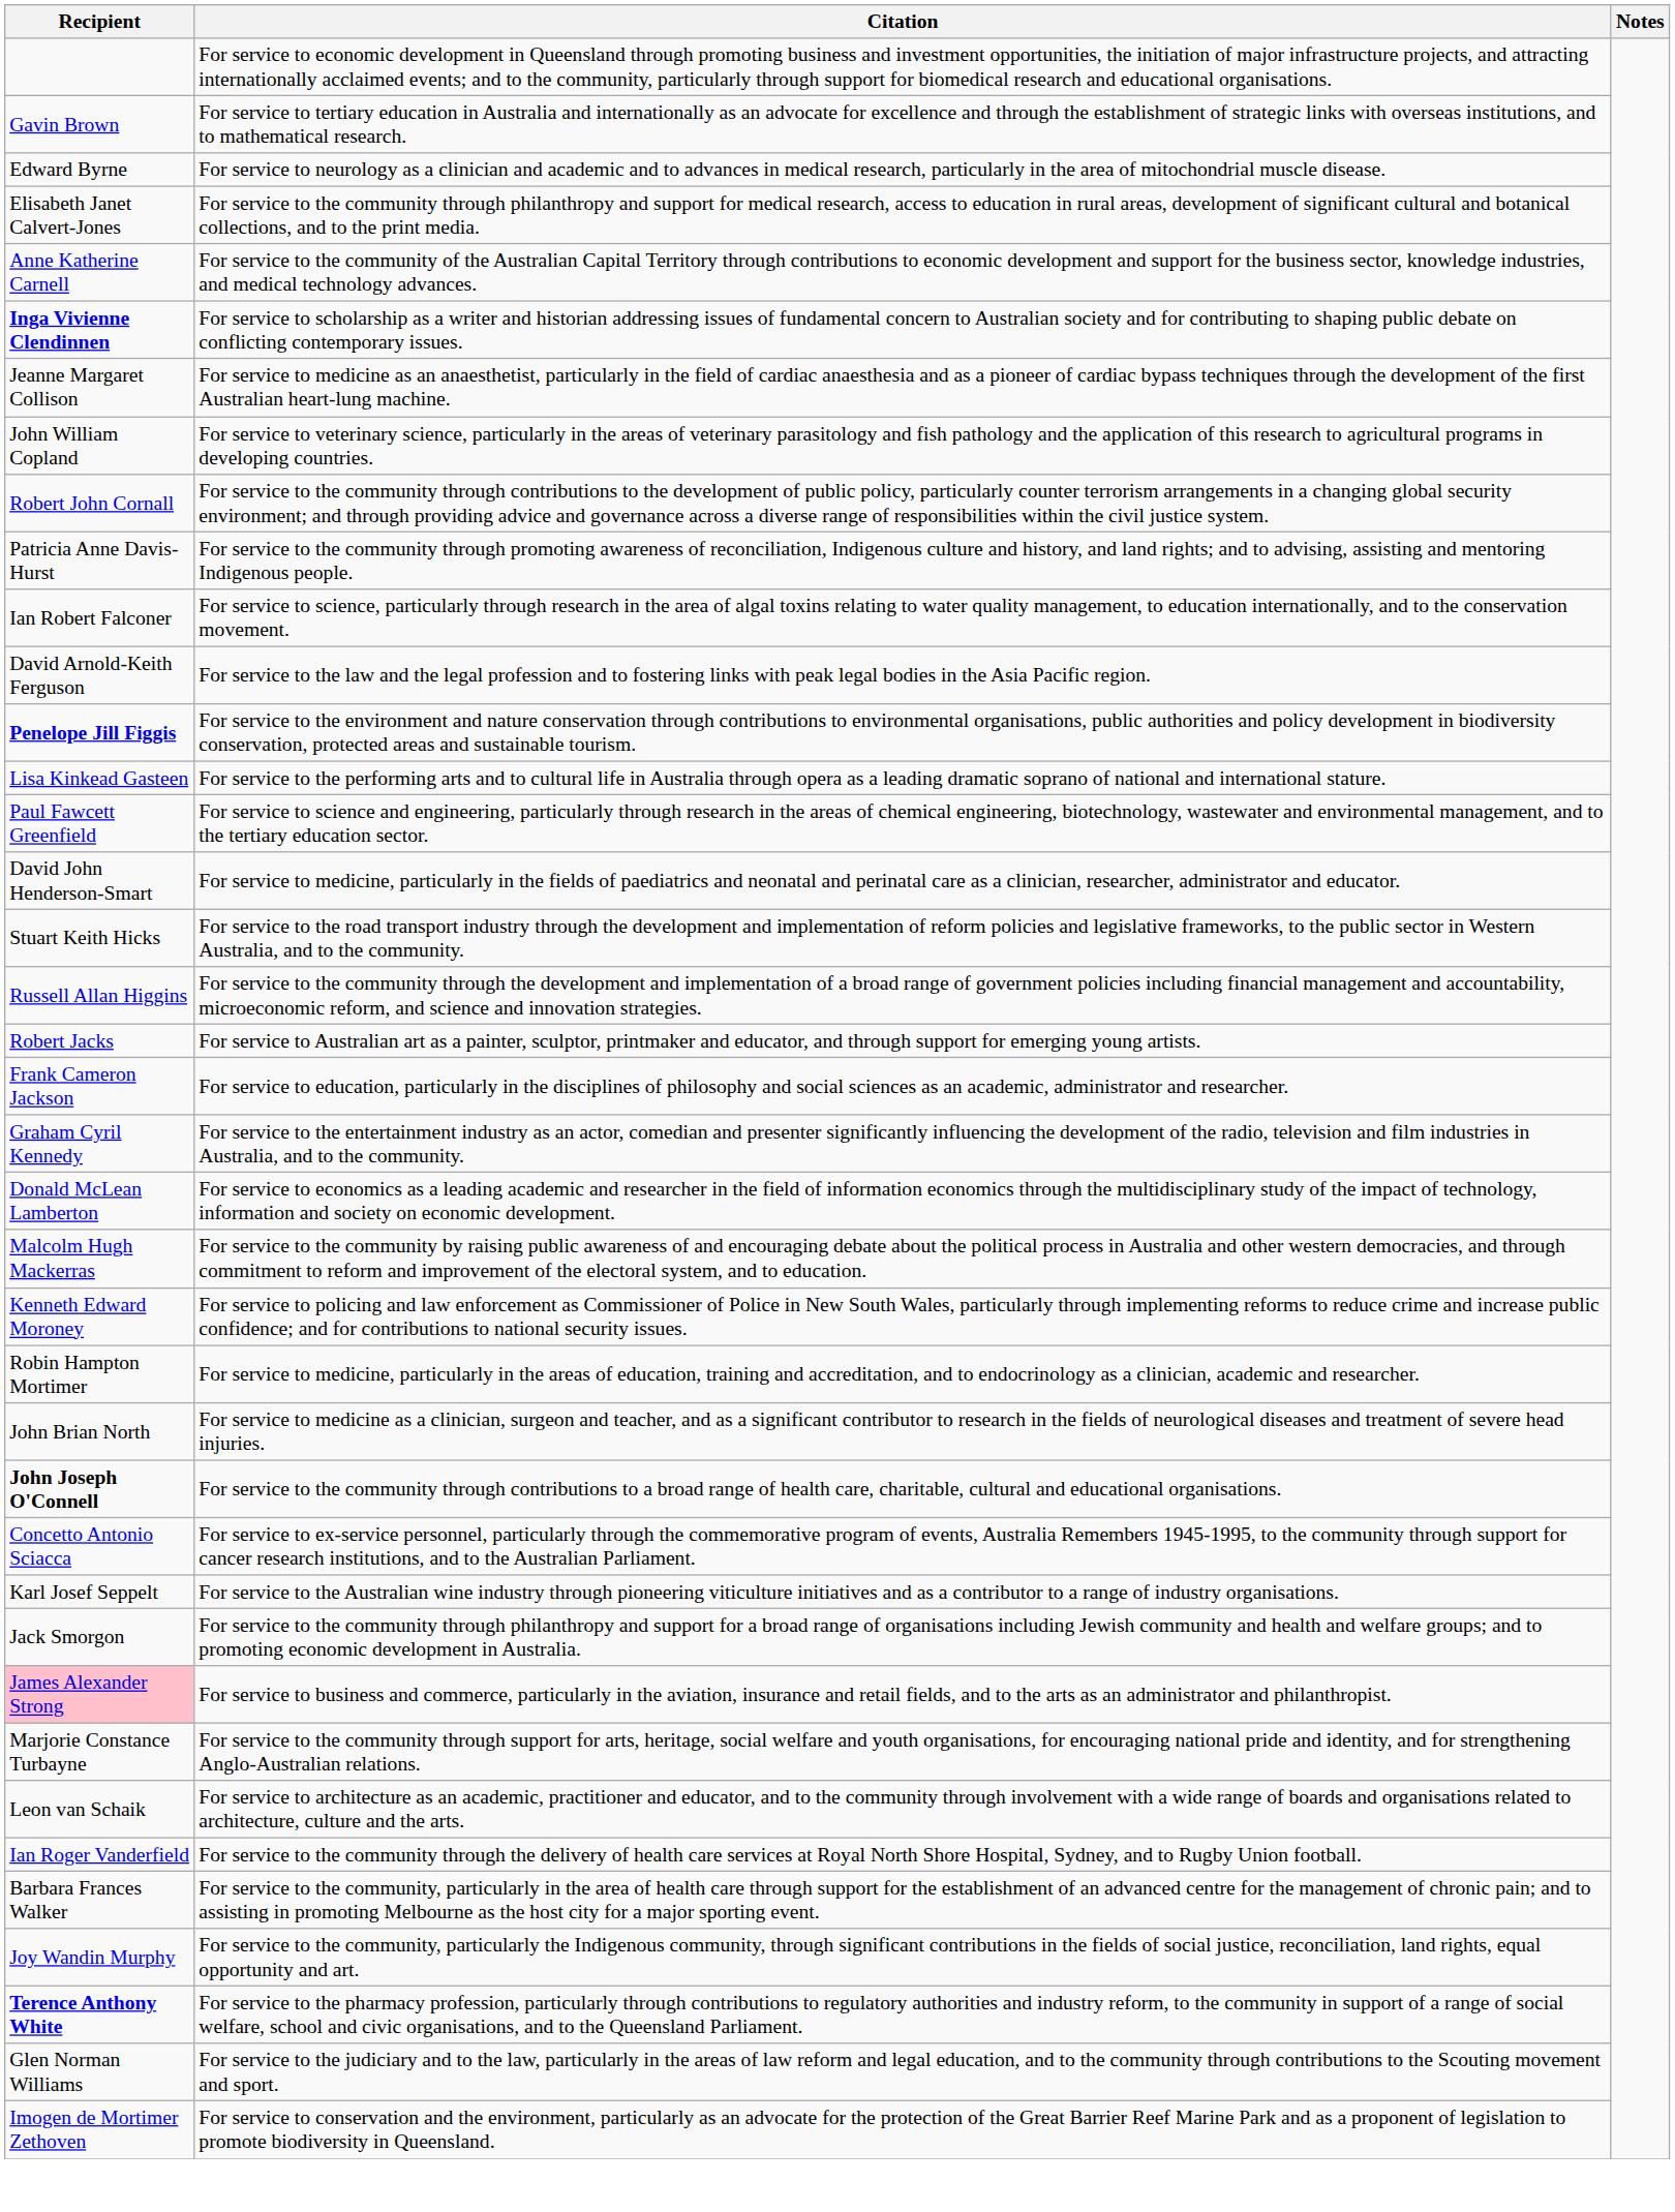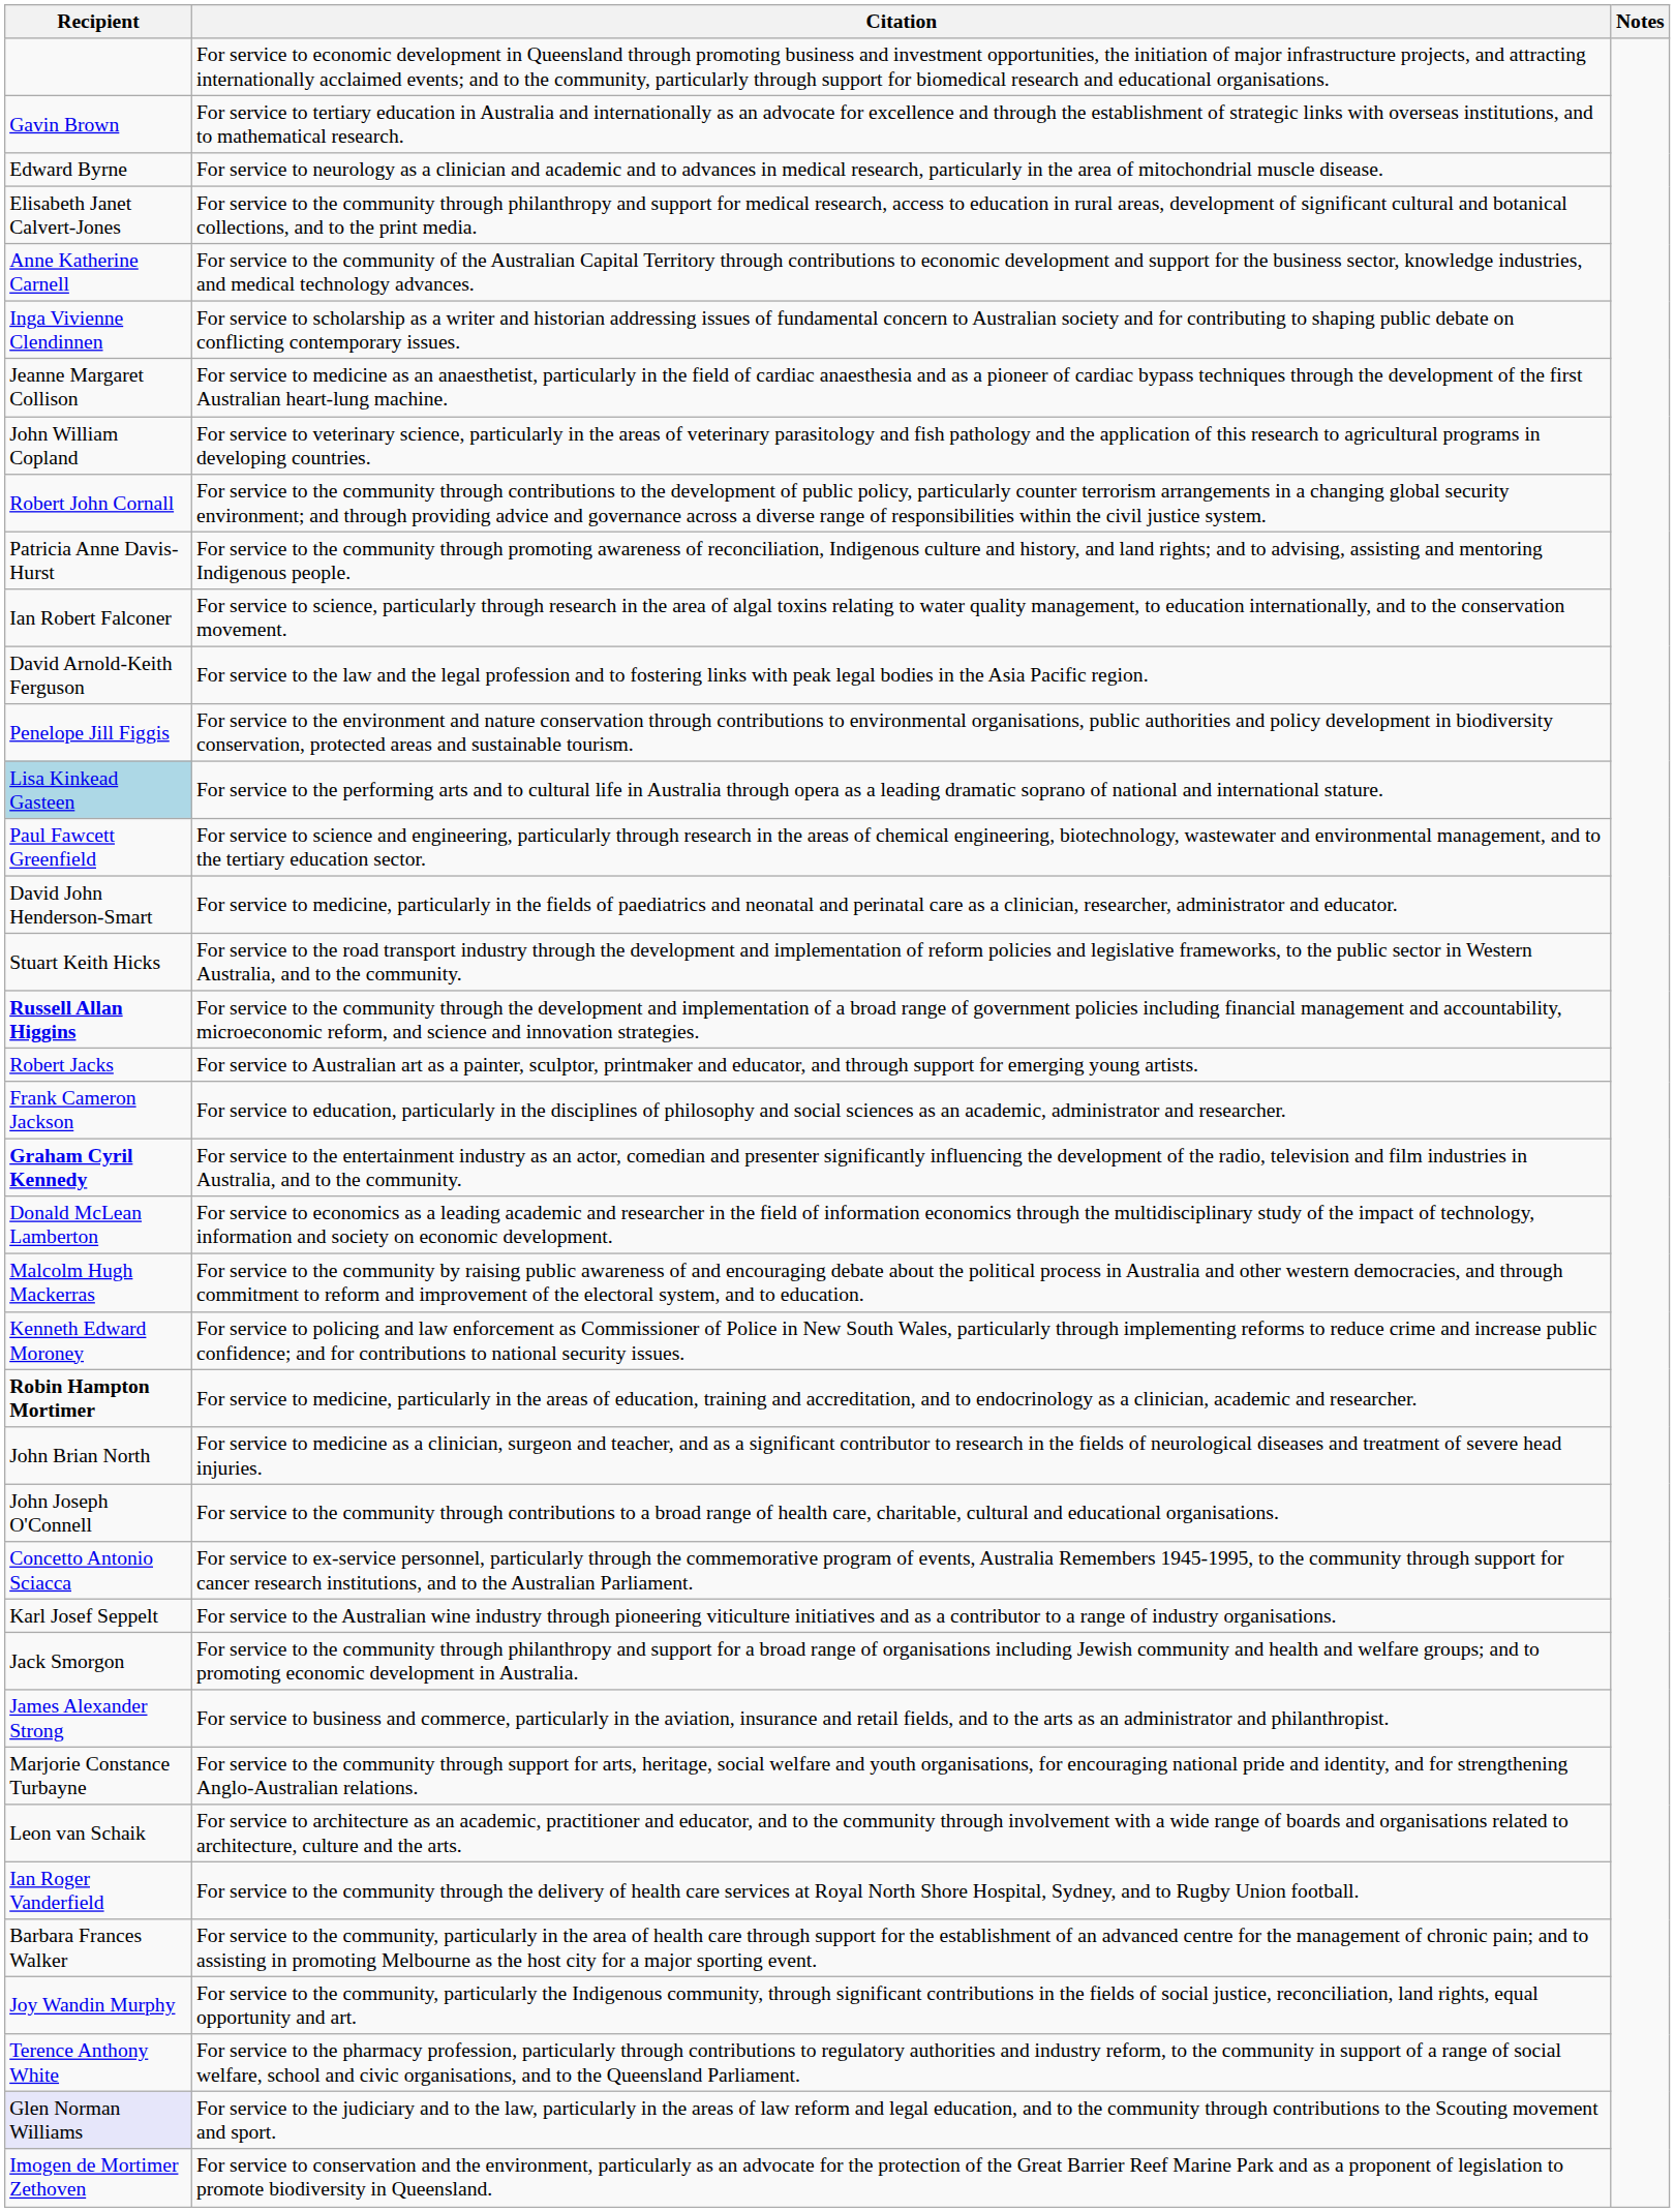 <table class="wikitable" style="font-size:95%;">
 <tr>
 <th>Recipient</th>
 <th>Citation</th>
 <th>Notes</th>
 </tr>
 <tr>
 <td></td>
 <td>For service to economic development in Queensland through promoting business and investment opportunities, the initiation of major infrastructure projects, and attracting internationally acclaimed events; and to the community, particularly through support for biomedical research and educational organisations.</td>
 <td rowspan=150></td>
 </tr>
 <tr>
 <td> <a href='#'>Gavin Brown</a></td>
 <td>For service to tertiary education in Australia and internationally as an advocate for excellence and through the establishment of strategic links with overseas institutions, and to mathematical research.</td>
 </tr>
 <tr>
 <td> Edward Byrne</td>
 <td>For service to neurology as a clinician and academic and to advances in medical research, particularly in the area of mitochondrial muscle disease.</td>
 </tr>
 <tr>
 <td>Elisabeth Janet Calvert-Jones </td>
 <td>For service to the community through philanthropy and support for medical research, access to education in rural areas, development of significant cultural and botanical collections, and to the print media.</td>
 </tr>
 <tr>
 <td><a href='#'>Anne Katherine Carnell</a></td>
 <td>For service to the community of the Australian Capital Territory through contributions to economic development and support for the business sector, knowledge industries, and medical technology advances.</td>
 </tr>
 <tr>
-<td><strong> <a href='#'>Inga Vivienne Clendinnen</a></strong></td>
+<td> <a href='#'>Inga Vivienne Clendinnen</a></td>
 <td>For service to scholarship as a writer and historian addressing issues of fundamental concern to Australian society and for contributing to shaping public debate on conflicting contemporary issues.</td>
 </tr>
 <tr>
 <td> Jeanne Margaret Collison</td>
 <td>For service to medicine as an anaesthetist, particularly in the field of cardiac anaesthesia and as a pioneer of cardiac bypass techniques through the development of the first Australian heart-lung machine.</td>
 </tr>
 <tr>
 <td> John William Copland</td>
 <td>For service to veterinary science, particularly in the areas of veterinary parasitology and fish pathology and the application of this research to agricultural programs in developing countries.</td>
 </tr>
 <tr>
 <td><a href='#'>Robert John Cornall</a></td>
 <td>For service to the community through contributions to the development of public policy, particularly counter terrorism arrangements in a changing global security environment; and through providing advice and governance across a diverse range of responsibilities within the civil justice system.</td>
 </tr>
 <tr>
 <td> Patricia Anne Davis-Hurst </td>
 <td>For service to the community through promoting awareness of reconciliation, Indigenous culture and history, and land rights; and to advising, assisting and mentoring Indigenous people.</td>
 </tr>
 <tr>
 <td> Ian Robert Falconer</td>
 <td>For service to science, particularly through research in the area of algal toxins relating to water quality management, to education internationally, and to the conservation movement.</td>
 </tr>
 <tr>
 <td>David Arnold-Keith Ferguson</td>
 <td>For service to the law and the legal profession and to fostering links with peak legal bodies in the Asia Pacific region.</td>
 </tr>
 <tr>
-<td><strong><a href='#'>Penelope Jill Figgis</a> </strong></td>
+<td><a href='#'>Penelope Jill Figgis</a> </td>
 <td>For service to the environment and nature conservation through contributions to environmental organisations, public authorities and policy development in biodiversity conservation, protected areas and sustainable tourism.</td>
 </tr>
 <tr>
-<td><a href='#'>Lisa Kinkead Gasteen</a></td>
+<td style="background: lightblue;"><a href='#'>Lisa Kinkead Gasteen</a></td>
 <td>For service to the performing arts and to cultural life in Australia through opera as a leading dramatic soprano of national and international stature.</td>
 </tr>
 <tr>
 <td> <a href='#'>Paul Fawcett Greenfield</a></td>
 <td>For service to science and engineering, particularly through research in the areas of chemical engineering, biotechnology, wastewater and environmental management, and to the tertiary education sector.</td>
 </tr>
 <tr>
 <td> David John Henderson-Smart</td>
 <td>For service to medicine, particularly in the fields of paediatrics and neonatal and perinatal care as a clinician, researcher, administrator and educator.</td>
 </tr>
 <tr>
 <td>Stuart Keith Hicks</td>
 <td>For service to the road transport industry through the development and implementation of reform policies and legislative frameworks, to the public sector in Western Australia, and to the community.</td>
 </tr>
 <tr>
-<td><a href='#'>Russell Allan Higgins</a></td>
+<td><strong><a href='#'>Russell Allan Higgins</a></strong></td>
 <td>For service to the community through the development and implementation of a broad range of government policies including financial management and accountability, microeconomic reform, and science and innovation strategies.</td>
 </tr>
 <tr>
 <td><a href='#'>Robert Jacks</a></td>
 <td>For service to Australian art as a painter, sculptor, printmaker and educator, and through support for emerging young artists.</td>
 </tr>
 <tr>
 <td> <a href='#'>Frank Cameron Jackson</a></td>
 <td>For service to education, particularly in the disciplines of philosophy and social sciences as an academic, administrator and researcher.</td>
 </tr>
 <tr>
-<td><a href='#'>Graham Cyril Kennedy</a></td>
+<td><strong><a href='#'>Graham Cyril Kennedy</a></strong></td>
 <td>For service to the entertainment industry as an actor, comedian and presenter significantly influencing the development of the radio, television and film industries in Australia, and to the community.</td>
 </tr>
 <tr>
 <td> <a href='#'>Donald McLean Lamberton</a></td>
 <td>For service to economics as a leading academic and researcher in the field of information economics through the multidisciplinary study of the impact of technology, information and society on economic development.</td>
 </tr>
 <tr>
 <td><a href='#'>Malcolm Hugh Mackerras</a></td>
 <td>For service to the community by raising public awareness of and encouraging debate about the political process in Australia and other western democracies, and through commitment to reform and improvement of the electoral system, and to education.</td>
 </tr>
 <tr>
 <td> <a href='#'>Kenneth Edward Moroney</a> </td>
 <td>For service to policing and law enforcement as Commissioner of Police in New South Wales, particularly through implementing reforms to reduce crime and increase public confidence; and for contributions to national security issues.</td>
 </tr>
 <tr>
-<td> Robin Hampton Mortimer</td>
+<td><strong> Robin Hampton Mortimer</strong></td>
 <td>For service to medicine, particularly in the areas of education, training and accreditation, and to endocrinology as a clinician, academic and researcher.</td>
 </tr>
 <tr>
 <td> John Brian North </td>
 <td>For service to medicine as a clinician, surgeon and teacher, and as a significant contributor to research in the fields of neurological diseases and treatment of severe head injuries.</td>
 </tr>
 <tr>
-<td><strong>John Joseph O'Connell</strong></td>
+<td>John Joseph O'Connell</td>
 <td>For service to the community through contributions to a broad range of health care, charitable, cultural and educational organisations.</td>
 </tr>
 <tr>
 <td> <a href='#'>Concetto Antonio Sciacca</a></td>
 <td>For service to ex-service personnel, particularly through the commemorative program of events, Australia Remembers 1945-1995, to the community through support for cancer research institutions, and to the Australian Parliament.</td>
 </tr>
 <tr>
 <td>Karl Josef Seppelt</td>
 <td>For service to the Australian wine industry through pioneering viticulture initiatives and as a contributor to a range of industry organisations.</td>
 </tr>
 <tr>
 <td>Jack Smorgon </td>
 <td>For service to the community through philanthropy and support for a broad range of organisations including Jewish community and health and welfare groups; and to promoting economic development in Australia.</td>
 </tr>
 <tr>
-<td style="background: pink;"><a href='#'>James Alexander Strong</a></td>
+<td><a href='#'>James Alexander Strong</a></td>
 <td>For service to business and commerce, particularly in the aviation, insurance and retail fields, and to the arts as an administrator and philanthropist.</td>
 </tr>
 <tr>
 <td>Marjorie Constance Turbayne </td>
 <td>For service to the community through support for arts, heritage, social welfare and youth organisations, for encouraging national pride and identity, and for strengthening Anglo-Australian relations.</td>
 </tr>
 <tr>
 <td> Leon van Schaik</td>
 <td>For service to architecture as an academic, practitioner and educator, and to the community through involvement with a wide range of boards and organisations related to architecture, culture and the arts.</td>
 </tr>
 <tr>
 <td> <a href='#'>Ian Roger Vanderfield</a> </td>
 <td>For service to the community through the delivery of health care services at Royal North Shore Hospital, Sydney, and to Rugby Union football.</td>
 </tr>
 <tr>
 <td>Barbara Frances Walker</td>
 <td>For service to the community, particularly in the area of health care through support for the establishment of an advanced centre for the management of chronic pain; and to assisting in promoting Melbourne as the host city for a major sporting event.</td>
 </tr>
 <tr>
 <td> <a href='#'>Joy Wandin Murphy</a></td>
 <td>For service to the community, particularly the Indigenous community, through significant contributions in the fields of social justice, reconciliation, land rights, equal opportunity and art.</td>
 </tr>
 <tr>
-<td><strong><a href='#'>Terence Anthony White</a></strong></td>
+<td><a href='#'>Terence Anthony White</a></td>
 <td>For service to the pharmacy profession, particularly through contributions to regulatory authorities and industry reform, to the community in support of a range of social welfare, school and civic organisations, and to the Queensland Parliament.</td>
 </tr>
 <tr>
-<td> Glen Norman Williams</td>
+<td style="background: lavender;"> Glen Norman Williams</td>
 <td>For service to the judiciary and to the law, particularly in the areas of law reform and legal education, and to the community through contributions to the Scouting movement and sport.</td>
 </tr>
 <tr>
 <td><a href='#'>Imogen de Mortimer Zethoven</a></td>
 <td>For service to conservation and the environment, particularly as an advocate for the protection of the Great Barrier Reef Marine Park and as a proponent of legislation to promote biodiversity in Queensland.</td>
 </tr>
 </table>
